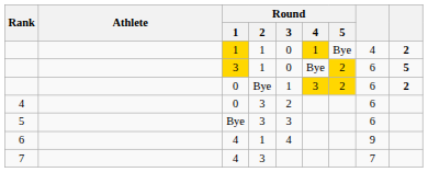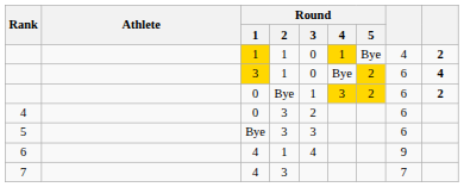 <table class="wikitable" style="text-align: center;">
 <tr>
 <th rowspan="2" width=40>Rank</th>
 <th rowspan="2" width=250>Athlete</th>
 <th colspan="5">Round</th>
 <th rowspan="2" width=40></th>
 <th rowspan="2" width=40></th>
 </tr>
 <tr>
 <th width=30>1</th>
 <th width=30>2</th>
 <th width=30>3</th>
 <th width=30>4</th>
 <th width=30>5</th>
 </tr>
 <tr>
 <td></td>
 <td align="left"></td>
 <td bgcolor=gold>1</td>
 <td>1</td>
 <td>0</td>
 <td bgcolor=gold>1</td>
 <td>Bye</td>
 <td>4</td>
 <td><strong>2</strong></td>
 </tr>
 <tr>
 <td></td>
 <td align="left"></td>
 <td bgcolor=gold>3</td>
 <td>1</td>
 <td>0</td>
 <td>Bye</td>
 <td bgcolor=gold>2</td>
 <td>6</td>
-<td><strong>5</strong></td>
+<td><strong>4</strong></td>
 </tr>
 <tr>
 <td></td>
 <td align="left"></td>
 <td>0</td>
 <td>Bye</td>
 <td>1</td>
 <td bgcolor=gold>3</td>
 <td bgcolor=gold>2</td>
 <td>6</td>
 <td><strong>2</strong></td>
 </tr>
 <tr>
 <td>4</td>
 <td align="left"></td>
 <td>0</td>
 <td>3</td>
 <td>2</td>
 <td></td>
 <td></td>
 <td>6</td>
 <td></td>
 </tr>
 <tr>
 <td>5</td>
 <td align="left"></td>
 <td>Bye</td>
 <td>3</td>
 <td>3</td>
 <td></td>
 <td></td>
 <td>6</td>
 <td></td>
 </tr>
 <tr>
 <td>6</td>
 <td align="left"></td>
 <td>4</td>
 <td>1</td>
 <td>4</td>
 <td></td>
 <td></td>
 <td>9</td>
 <td></td>
 </tr>
 <tr>
 <td>7</td>
 <td align="left"></td>
 <td>4</td>
 <td>3</td>
 <td></td>
 <td></td>
 <td></td>
 <td>7</td>
 <td></td>
 </tr>
 </table>
